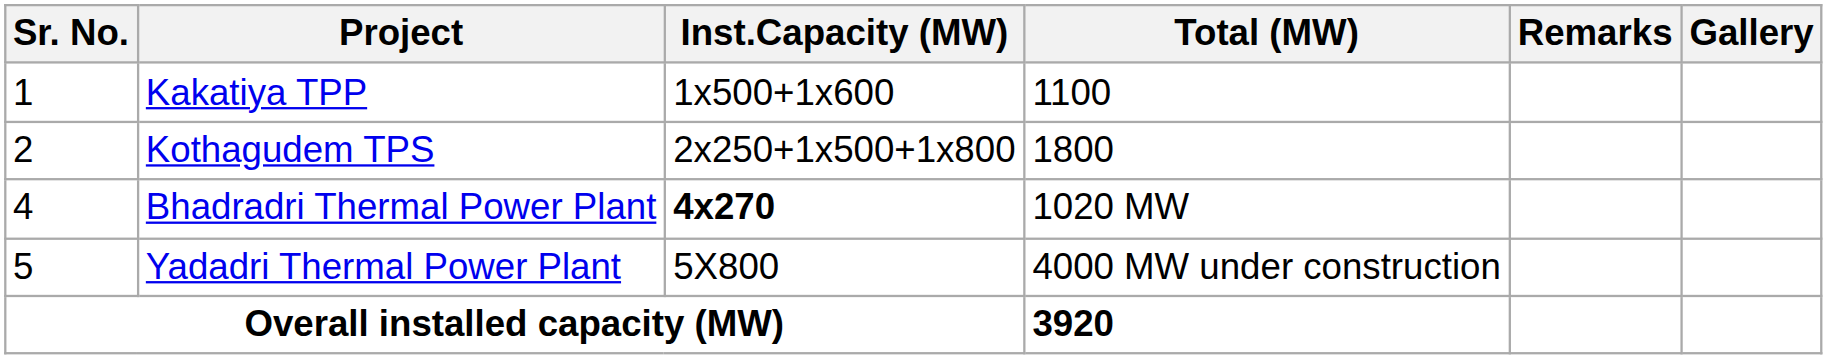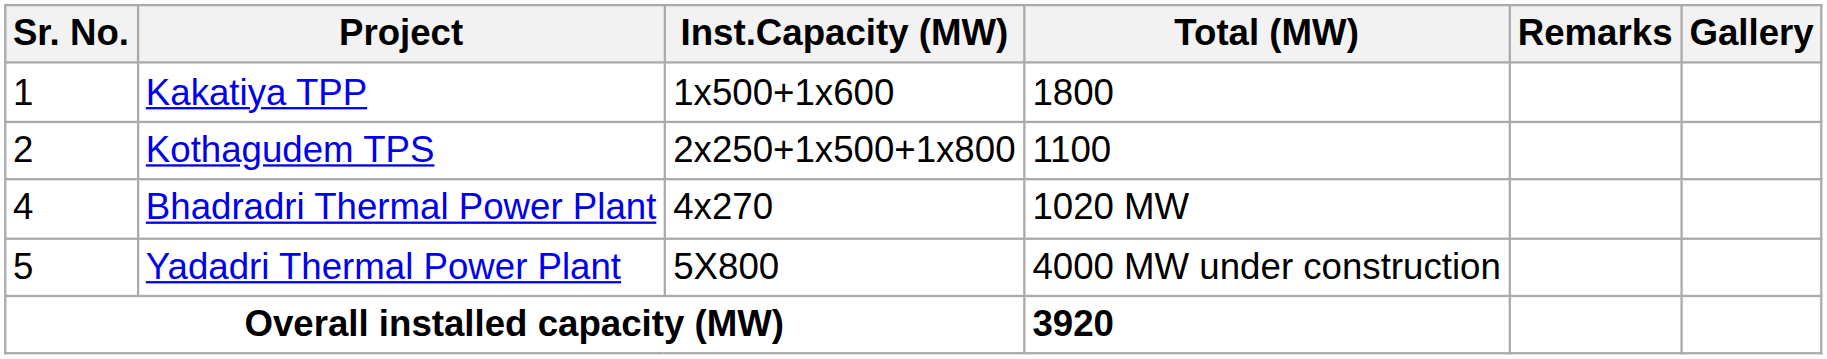 <table class="wikitable sortable" style="margin:1em auto; background:white;">
 <tr style="text-align:left;">
 <th>Sr. No.</th>
 <th>Project</th>
 <th>Inst.Capacity (MW)</th>
 <th>Total (MW)</th>
 <th>Remarks</th>
 <th>Gallery</th>
 </tr>
 <tr>
 <td>1</td>
 <td><a href='#'>Kakatiya TPP</a></td>
 <td>1x500+1x600</td>
-<td>1100</td>
+<td>1800</td>
 <td></td>
 <td></td>
 </tr>
 <tr>
 <td>2</td>
 <td><a href='#'>Kothagudem TPS</a></td>
 <td>2x250+1x500+1x800</td>
-<td>1800</td>
+<td>1100</td>
 <td></td>
 <td></td>
 </tr>
 <tr>
 <td>4</td>
 <td><a href='#'>Bhadradri Thermal Power Plant</a></td>
-<td><strong>4x270</strong></td>
+<td>4x270</td>
 <td>1020 MW</td>
 <td></td>
 <td></td>
 </tr>
 <tr>
 <td>5</td>
 <td><a href='#'>Yadadri Thermal Power Plant</a></td>
 <td>5X800</td>
 <td>4000 MW under construction</td>
 <td></td>
 <td></td>
 </tr>
 <tr>
 <td colspan="3" style="text-align:center;"><strong>Overall installed capacity (MW)</strong></td>
 <td><strong> 3920</strong></td>
 <td></td>
 <td></td>
 </tr>
 </table>
